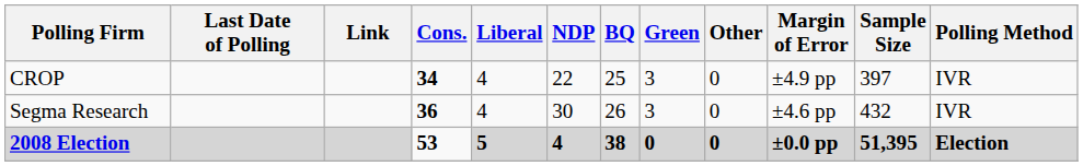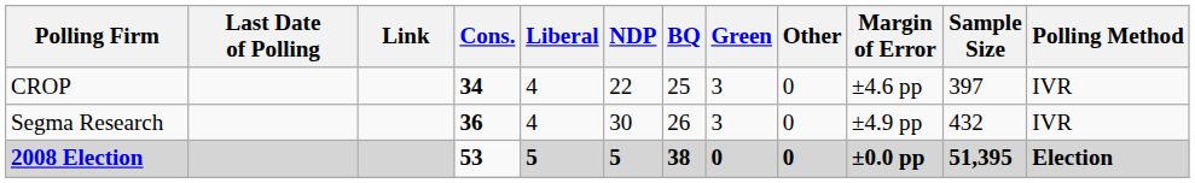 <table class="wikitable sortable">
 <tr style="background:#e9e9e9;">
 <th style="width:120px">Polling Firm</th>
 <th style="width:110px">Last Date<br>of Polling</th>
 <th style="width:60px" class="unsortable">Link</th>
 <th style="background-color:"><strong><a href='#'>Cons.</a></strong></th>
 <th style="background-color:"><strong><a href='#'>Liberal</a></strong></th>
 <th style="background-color:"><strong><a href='#'>NDP</a></strong></th>
 <th style="background-color:"><strong><a href='#'>BQ</a></strong></th>
 <th style="background-color:"><strong><a href='#'>Green</a></strong></th>
 <th style="background-color:"><strong>Other</strong></th>
 <th style="width:60px;" class=unsortable>Margin<br>of Error</th>
 <th style="width:50px;" class=unsortable>Sample<br>Size</th>
 <th class=unsortable>Polling Method</th>
 </tr>
 <tr>
 <td>CROP</td>
 <td></td>
 <td></td>
 <td><strong>34</strong></td>
 <td>4</td>
 <td>22</td>
 <td>25</td>
 <td>3</td>
 <td>0</td>
-<td>±4.9 pp</td>
+<td>±4.6 pp</td>
 <td>397</td>
 <td>IVR</td>
 </tr>
 <tr>
 <td>Segma Research</td>
 <td></td>
 <td></td>
 <td><strong>36</strong></td>
 <td>4</td>
 <td>30</td>
 <td>26</td>
 <td>3</td>
 <td>0</td>
-<td>±4.6 pp</td>
+<td>±4.9 pp</td>
 <td>432</td>
 <td>IVR</td>
 </tr>
 <tr>
 <td style="background:#D5D5D5"><strong><a href='#'>2008 Election</a></strong></td>
 <td style="background:#D5D5D5"><strong></strong></td>
 <td style="background:#D5D5D5"></td>
 <td><strong>53</strong></td>
 <td style="background:#D5D5D5"><strong>5</strong></td>
-<td style="background:#D5D5D5"><strong>4</strong></td>
+<td style="background:#D5D5D5"><strong>5</strong></td>
 <td style="background:#D5D5D5"><strong>38</strong></td>
 <td style="background:#D5D5D5"><strong>0</strong></td>
 <td style="background:#D5D5D5"><strong>0</strong></td>
 <td style="background:#D5D5D5"><strong>±0.0 pp</strong></td>
 <td style="background:#D5D5D5"><strong>51,395</strong></td>
 <td style="background:#D5D5D5"><strong>Election</strong></td>
 </tr>
 <tr>
 </tr>
 <tr>
 </tr>
 </table>
